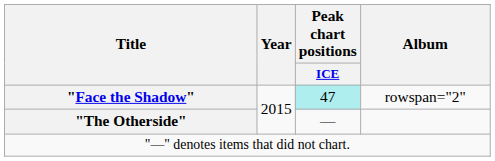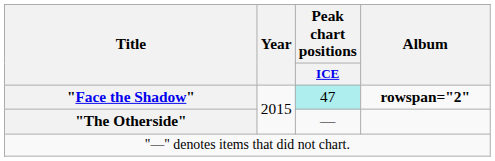 <table class="wikitable plainrowheaders" style="text-align:center;">
 <tr>
 <th scope="col" rowspan="2" style="width:16em;">Title</th>
 <th scope="col" rowspan="2" style="width:2em;">Year</th>
 <th scope="col" colspan="1">Peak chart positions</th>
 <th scope="col" rowspan="2" style="width:8em;">Album</th>
 </tr>
 <tr>
 <th scope="col" style="width:3em;font-size:85%;"><a href='#'>ICE</a><br></th>
 </tr>
 <tr>
 <th scope="row">"<a href='#'>Face the Shadow</a>"<br> </th>
 <td rowspan="2">2015</td>
 <td style="background: paleturquoise;">47</td>
-<td>rowspan="2" </td>
+<td><strong>rowspan="2" </strong></td>
 </tr>
 <tr>
 <th scope="row">"The Otherside"<br></th>
 <td>—</td>
 </tr>
 <tr>
 <td colspan="12" align="center" style="font-size:90%;">"—" denotes items that did not chart.</td>
 </tr>
 </table>
